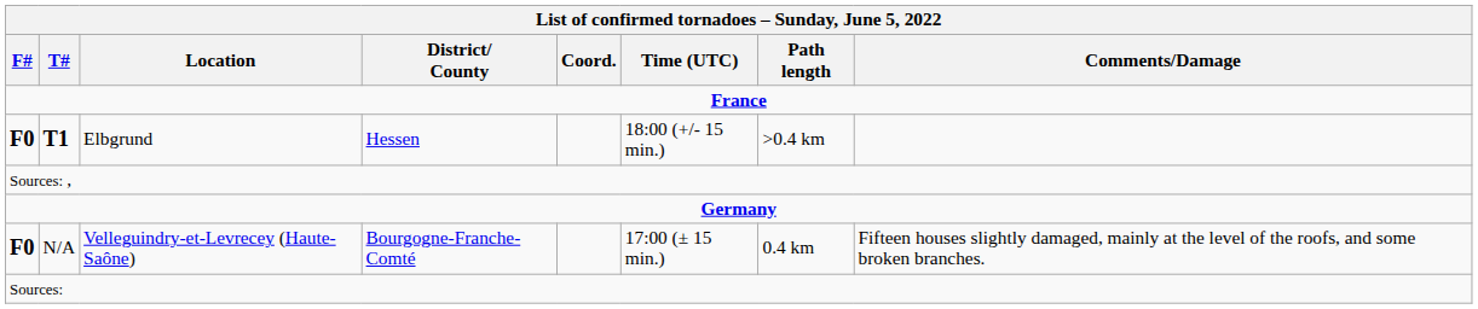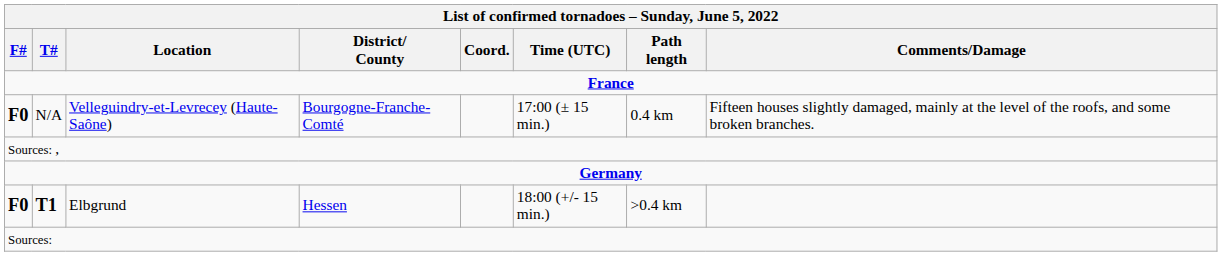 <table class="wikitable collapsible" width="100%">
 <tr>
 <th colspan="8">List of confirmed tornadoes – Sunday, June 5, 2022</th>
 </tr>
 <tr>
 <th><a href='#'>F#</a></th>
 <th><a href='#'>T#</a></th>
 <th>Location</th>
 <th>District/<br>County</th>
 <th>Coord.</th>
 <th>Time (UTC)</th>
 <th>Path length</th>
 <th>Comments/Damage</th>
 </tr>
 <tr>
 <td colspan="8" align=center><strong><a href='#'>France</a></strong></td>
 </tr>
 <tr>
 <td><big><strong>F0</strong></big></td>
+<td>N/A</td>
+<td><a href='#'>Velleguindry-et-Levrecey</a> (<a href='#'>Haute-Saône</a>)</td>
+<td><a href='#'>Bourgogne-Franche-Comté</a></td>
+<td></td>
+<td>17:00 (± 15 min.)</td>
+<td>0.4 km</td>
+<td>Fifteen houses slightly damaged, mainly at the level of the roofs, and some broken branches.</td>
+</tr>
+<tr>
+<td colspan="8"><small>Sources:  </small>, <small> </small></td>
+</tr>
+<tr>
+<td colspan="8" align=center><strong><a href='#'>Germany</a></strong></td>
+</tr>
+<tr>
+<td><big><strong>F0</strong></big></td>
 <td><big><strong>T1</strong></big></td>
 <td>Elbgrund</td>
 <td><a href='#'>Hessen</a></td>
 <td></td>
 <td>18:00 (+/- 15 min.)</td>
 <td>>0.4 km</td>
 <td></td>
 </tr>
 <tr>
-<td colspan="8"><small>Sources:  </small>, <small> </small></td>
-</tr>
-<tr>
-<td colspan="8" align=center><strong><a href='#'>Germany</a></strong></td>
-</tr>
-<tr>
-<td><big><strong>F0</strong></big></td>
-<td>N/A</td>
-<td><a href='#'>Velleguindry-et-Levrecey</a> (<a href='#'>Haute-Saône</a>)</td>
-<td><a href='#'>Bourgogne-Franche-Comté</a></td>
-<td></td>
-<td>17:00 (± 15 min.)</td>
-<td>0.4 km</td>
-<td>Fifteen houses slightly damaged, mainly at the level of the roofs, and some broken branches.</td>
-</tr>
-<tr>
 <td colspan="8"><small>Sources:  </small></td>
 </tr>
 </table>
